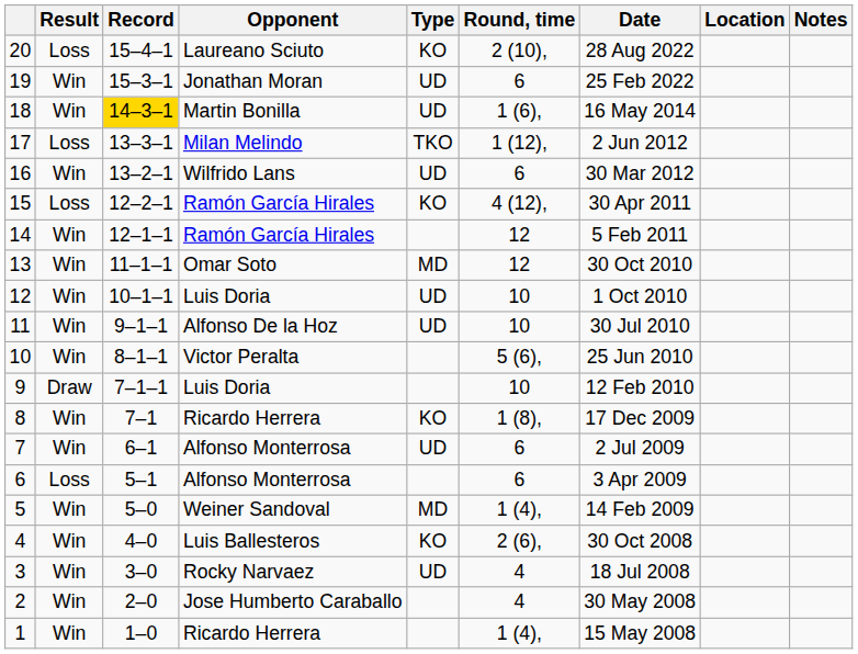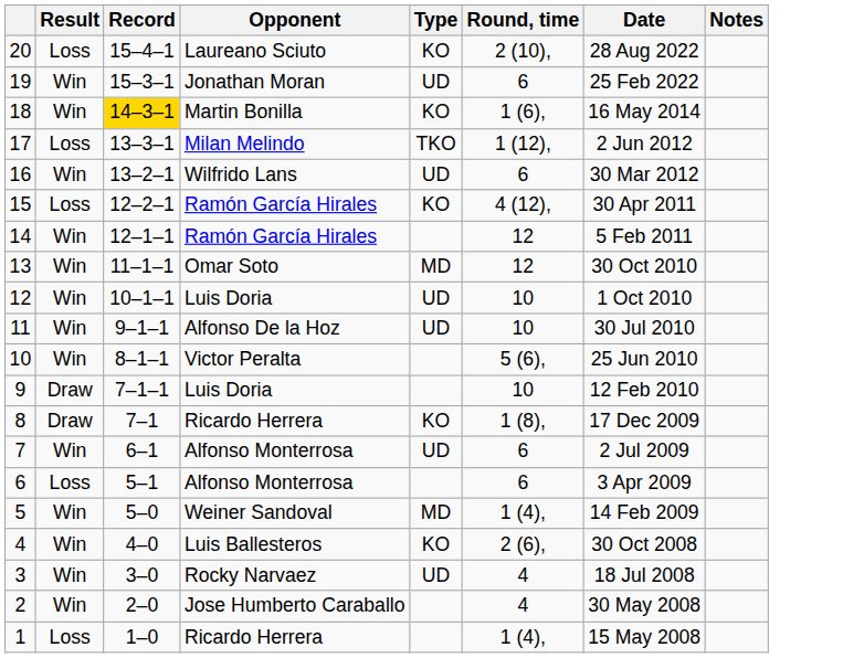 <table class="wikitable" style="text-align:center">
 <tr>
 <th></th>
 <th>Result</th>
 <th>Record</th>
 <th>Opponent</th>
 <th>Type</th>
 <th>Round, time</th>
 <th>Date</th>
-<th>Location</th>
 <th>Notes</th>
 </tr>
 <tr>
 <td>20</td>
 <td>Loss</td>
 <td>15–4–1</td>
 <td align=left>Laureano Sciuto</td>
 <td>KO</td>
 <td>2 (10), </td>
 <td>28 Aug 2022</td>
 <td align=left></td>
-<td align=left></td>
 </tr>
 <tr>
 <td>19</td>
 <td>Win</td>
 <td>15–3–1</td>
 <td align=left>Jonathan Moran</td>
 <td>UD</td>
 <td>6</td>
 <td>25 Feb 2022</td>
 <td align=left></td>
-<td align=left></td>
 </tr>
 <tr>
 <td>18</td>
 <td>Win</td>
 <td style="background: gold;">14–3–1</td>
 <td align=left>Martin Bonilla</td>
-<td>UD</td>
+<td>KO</td>
 <td>1 (6), </td>
 <td>16 May 2014</td>
-<td align=left></td>
 <td align=left></td>
 </tr>
 <tr>
 <td>17</td>
 <td>Loss</td>
 <td>13–3–1</td>
 <td align=left><a href='#'>Milan Melindo</a></td>
 <td>TKO</td>
 <td>1 (12), </td>
 <td>2 Jun 2012</td>
 <td align=left></td>
-<td align=left></td>
 </tr>
 <tr>
 <td>16</td>
 <td>Win</td>
 <td>13–2–1</td>
 <td align=left>Wilfrido Lans</td>
 <td>UD</td>
 <td>6</td>
 <td>30 Mar 2012</td>
-<td align=left></td>
 <td align=left></td>
 </tr>
 <tr>
 <td>15</td>
 <td>Loss</td>
 <td>12–2–1</td>
 <td align=left><a href='#'>Ramón García Hirales</a></td>
 <td>KO</td>
 <td>4 (12), </td>
 <td>30 Apr 2011</td>
 <td align=left></td>
-<td align=left></td>
 </tr>
 <tr>
 <td>14</td>
 <td>Win</td>
 <td>12–1–1</td>
 <td align=left><a href='#'>Ramón García Hirales</a></td>
 <td></td>
 <td>12</td>
 <td>5 Feb 2011</td>
-<td align=left></td>
 <td align=left></td>
 </tr>
 <tr>
 <td>13</td>
 <td>Win</td>
 <td>11–1–1</td>
 <td align=left>Omar Soto</td>
 <td>MD</td>
 <td>12</td>
 <td>30 Oct 2010</td>
 <td align=left></td>
-<td align=left></td>
 </tr>
 <tr>
 <td>12</td>
 <td>Win</td>
 <td>10–1–1</td>
 <td align=left>Luis Doria</td>
 <td>UD</td>
 <td>10</td>
 <td>1 Oct 2010</td>
-<td align=left></td>
 <td align=left></td>
 </tr>
 <tr>
 <td>11</td>
 <td>Win</td>
 <td>9–1–1</td>
 <td align=left>Alfonso De la Hoz</td>
 <td>UD</td>
 <td>10</td>
 <td>30 Jul 2010</td>
 <td align=left></td>
-<td align=left></td>
 </tr>
 <tr>
 <td>10</td>
 <td>Win</td>
 <td>8–1–1</td>
 <td align=left>Victor Peralta</td>
 <td></td>
 <td>5 (6), </td>
 <td>25 Jun 2010</td>
-<td align=left></td>
 <td align=left></td>
 </tr>
 <tr>
 <td>9</td>
 <td>Draw</td>
 <td>7–1–1</td>
 <td align=left>Luis Doria</td>
 <td></td>
 <td>10</td>
 <td>12 Feb 2010</td>
 <td align=left></td>
-<td align=left></td>
 </tr>
 <tr>
 <td>8</td>
-<td>Win</td>
+<td>Draw</td>
 <td>7–1</td>
 <td align=left>Ricardo Herrera</td>
 <td>KO</td>
 <td>1 (8), </td>
 <td>17 Dec 2009</td>
-<td align=left></td>
 <td align=left></td>
 </tr>
 <tr>
 <td>7</td>
 <td>Win</td>
 <td>6–1</td>
 <td align=left>Alfonso Monterrosa</td>
 <td>UD</td>
 <td>6</td>
 <td>2 Jul 2009</td>
 <td align=left></td>
-<td align=left></td>
 </tr>
 <tr>
 <td>6</td>
 <td>Loss</td>
 <td>5–1</td>
 <td align=left>Alfonso Monterrosa</td>
 <td></td>
 <td>6</td>
 <td>3 Apr 2009</td>
-<td align=left></td>
 <td align=left></td>
 </tr>
 <tr>
 <td>5</td>
 <td>Win</td>
 <td>5–0</td>
 <td align=left>Weiner Sandoval</td>
 <td>MD</td>
 <td>1 (4), </td>
 <td>14 Feb 2009</td>
 <td align=left></td>
-<td align=left></td>
 </tr>
 <tr>
 <td>4</td>
 <td>Win</td>
 <td>4–0</td>
 <td align=left>Luis Ballesteros</td>
 <td>KO</td>
 <td>2 (6), </td>
 <td>30 Oct 2008</td>
-<td align=left></td>
 <td align=left></td>
 </tr>
 <tr>
 <td>3</td>
 <td>Win</td>
 <td>3–0</td>
 <td align=left>Rocky Narvaez</td>
 <td>UD</td>
 <td>4</td>
 <td>18 Jul 2008</td>
 <td align=left></td>
-<td align=left></td>
 </tr>
 <tr>
 <td>2</td>
 <td>Win</td>
 <td>2–0</td>
 <td align=left>Jose Humberto Caraballo</td>
 <td></td>
 <td>4</td>
 <td>30 May 2008</td>
 <td align=left></td>
-<td align=left></td>
 </tr>
 <tr>
 <td>1</td>
-<td>Win</td>
+<td>Loss</td>
 <td>1–0</td>
 <td align=left>Ricardo Herrera</td>
 <td></td>
 <td>1 (4), </td>
 <td>15 May 2008</td>
 <td align=left></td>
-<td align=left></td>
 </tr>
 </table>
